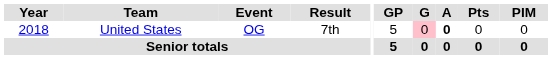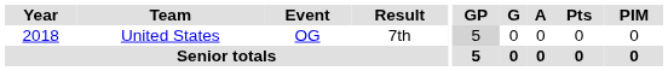 <table border="0" cellpadding="1" cellspacing="0" ID="Table3" style="text-align:center; width:40em">
 <tr ALIGN="center" bgcolor="#e0e0e0">
 <th>Year</th>
 <th>Team</th>
 <th>Event</th>
 <th>Result</th>
 <th rowspan="99" bgcolor="#ffffff"></th>
 <th>GP</th>
 <th>G</th>
 <th>A</th>
 <th>Pts</th>
 <th>PIM</th>
 </tr>
 <tr>
 <td><a href='#'>2018</a></td>
 <td><a href='#'>United States</a></td>
 <td><a href='#'>OG</a></td>
 <td>7th</td>
-<td>5</td>
-<td style="background: pink;">0</td>
-<td><strong>0</strong></td>
+<td style="background: lightgrey;">5</td>
+<td>0</td>
+<td>0</td>
 <td>0</td>
 <td>0</td>
 </tr>
 <tr bgcolor="#e0e0e0">
 <th colspan="4">Senior totals</th>
 <th>5</th>
 <th>0</th>
 <th>0</th>
 <th>0</th>
 <th>0</th>
 </tr>
 </table>
